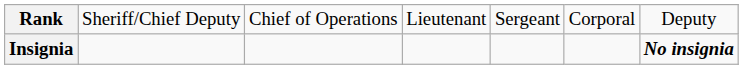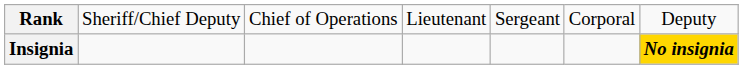 <table class="wikitable">
 <tr style="text-align:center;">
 <th>Rank</th>
 <td>Sheriff/Chief Deputy</td>
 <td>Chief of Operations</td>
 <td>Lieutenant</td>
 <td>Sergeant</td>
 <td>Corporal</td>
 <td>Deputy</td>
 </tr>
 <tr style="text-align:center;">
 <th>Insignia</th>
 <td></td>
 <td></td>
 <td></td>
 <td></td>
 <td></td>
-<td><strong><em>No insignia</em></strong></td>
+<td style="background: gold;"><strong><em>No insignia</em></strong></td>
 </tr>
 </table>
